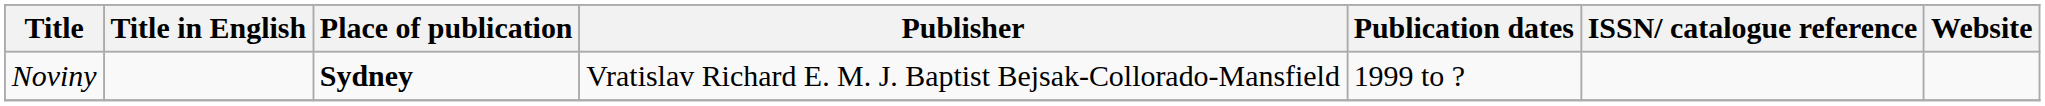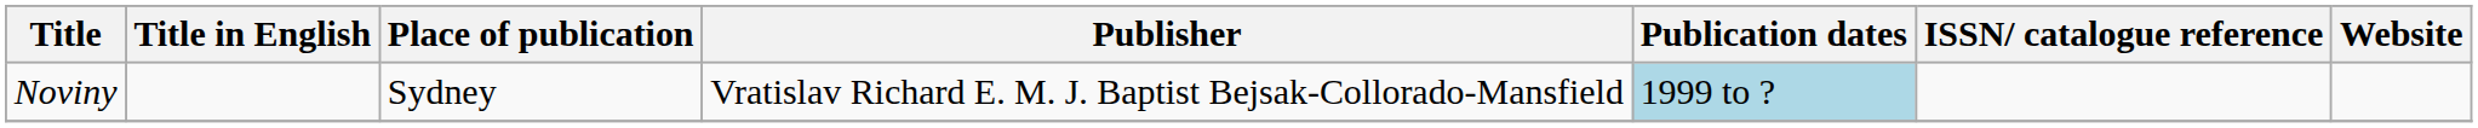 <table class="wikitable sortable">
 <tr>
 <th>Title</th>
 <th>Title in English</th>
 <th>Place of publication</th>
 <th>Publisher</th>
 <th>Publication dates</th>
 <th>ISSN/ catalogue reference</th>
 <th>Website</th>
 </tr>
 <tr>
 <td><em>Noviny</em></td>
 <td></td>
-<td><strong>Sydney</strong></td>
+<td>Sydney</td>
 <td>Vratislav Richard E. M. J. Baptist Bejsak-Collorado-Mansfield</td>
-<td>1999 to ?</td>
+<td style="background: lightblue;">1999 to ?</td>
 <td></td>
 <td></td>
 </tr>
 <tr>
 </tr>
 </table>
